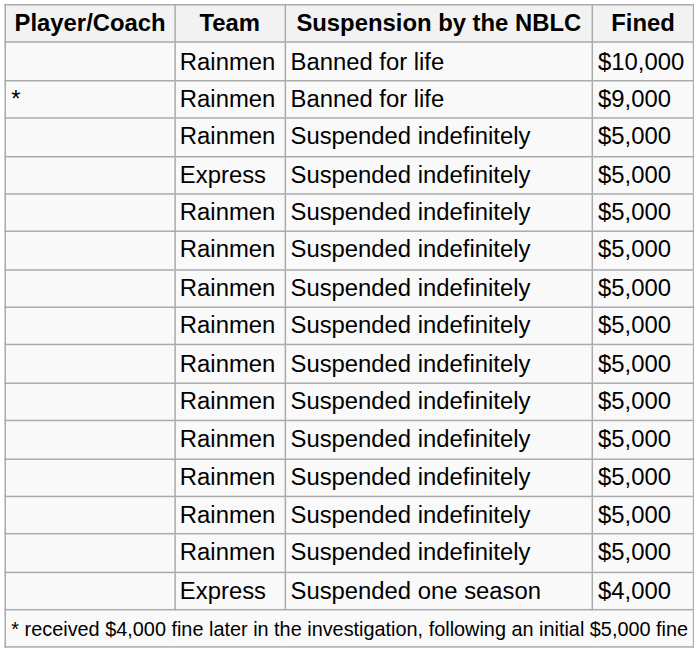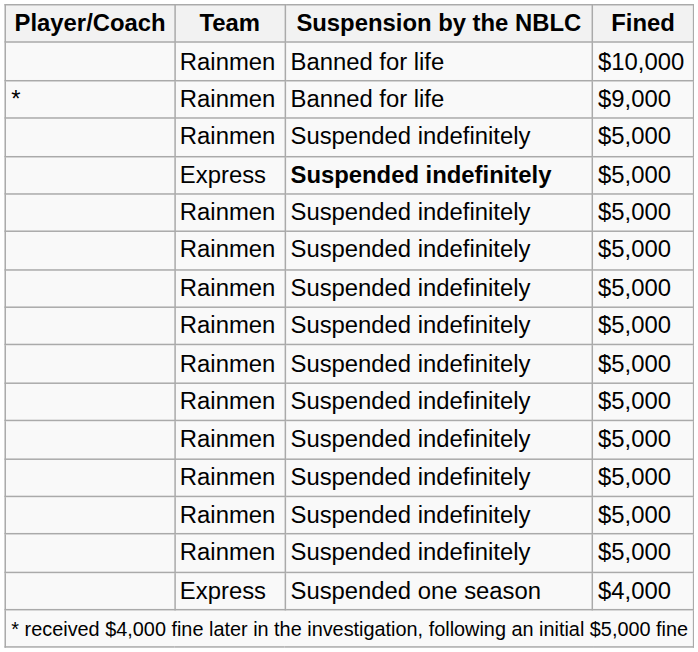 <table class="wikitable sortable" style="float:right; margin:0 0 0.5em 1em">
 <tr>
 <th>Player/Coach</th>
 <th>Team</th>
 <th align=center>Suspension by the NBLC</th>
 <th align=center>Fined</th>
 </tr>
 <tr>
 <td></td>
 <td>Rainmen</td>
 <td>Banned for life</td>
 <td>$10,000</td>
 </tr>
 <tr>
 <td>*</td>
 <td>Rainmen</td>
 <td>Banned for life</td>
 <td>$9,000</td>
 </tr>
 <tr>
 <td></td>
 <td>Rainmen</td>
 <td>Suspended indefinitely</td>
 <td>$5,000</td>
 </tr>
 <tr>
 <td></td>
 <td>Express</td>
-<td>Suspended indefinitely</td>
+<td><strong>Suspended indefinitely</strong></td>
 <td>$5,000</td>
 </tr>
 <tr>
 <td></td>
 <td>Rainmen</td>
 <td>Suspended indefinitely</td>
 <td>$5,000</td>
 </tr>
 <tr>
 <td></td>
 <td>Rainmen</td>
 <td>Suspended indefinitely</td>
 <td>$5,000</td>
 </tr>
 <tr>
 <td></td>
 <td>Rainmen</td>
 <td>Suspended indefinitely</td>
 <td>$5,000</td>
 </tr>
 <tr>
 <td></td>
 <td>Rainmen</td>
 <td>Suspended indefinitely</td>
 <td>$5,000</td>
 </tr>
 <tr>
 <td></td>
 <td>Rainmen</td>
 <td>Suspended indefinitely</td>
 <td>$5,000</td>
 </tr>
 <tr>
 <td></td>
 <td>Rainmen</td>
 <td>Suspended indefinitely</td>
 <td>$5,000</td>
 </tr>
 <tr>
 <td></td>
 <td>Rainmen</td>
 <td>Suspended indefinitely</td>
 <td>$5,000</td>
 </tr>
 <tr>
 <td></td>
 <td>Rainmen</td>
 <td>Suspended indefinitely</td>
 <td>$5,000</td>
 </tr>
 <tr>
 <td></td>
 <td>Rainmen</td>
 <td>Suspended indefinitely</td>
 <td>$5,000</td>
 </tr>
 <tr>
 <td></td>
 <td>Rainmen</td>
 <td>Suspended indefinitely</td>
 <td>$5,000</td>
 </tr>
 <tr>
 <td></td>
 <td>Express</td>
 <td>Suspended one season</td>
 <td>$4,000</td>
 </tr>
 <tr class="unsortable">
 <td colspan=5><small>* received $4,000 fine later in the investigation, following an initial $5,000 fine</small></td>
 </tr>
 </table>
